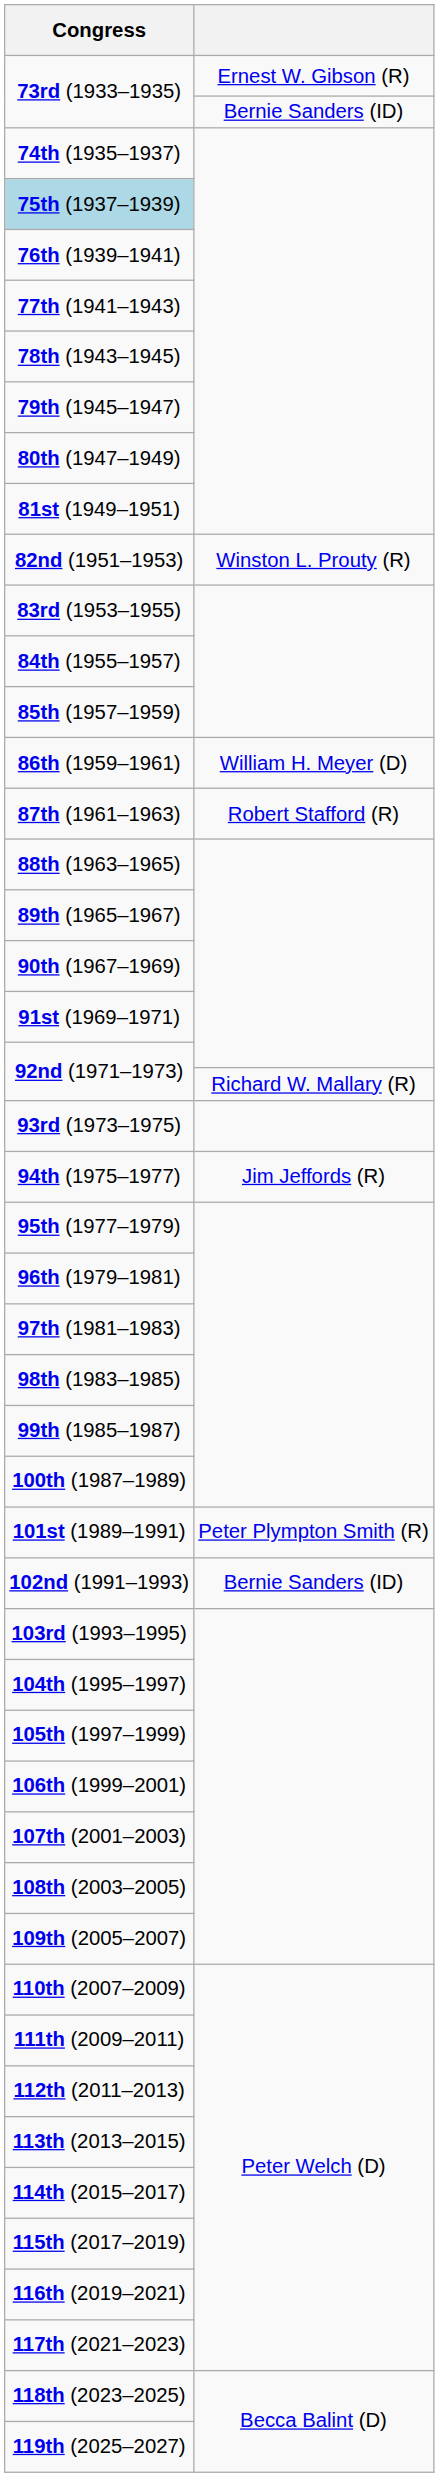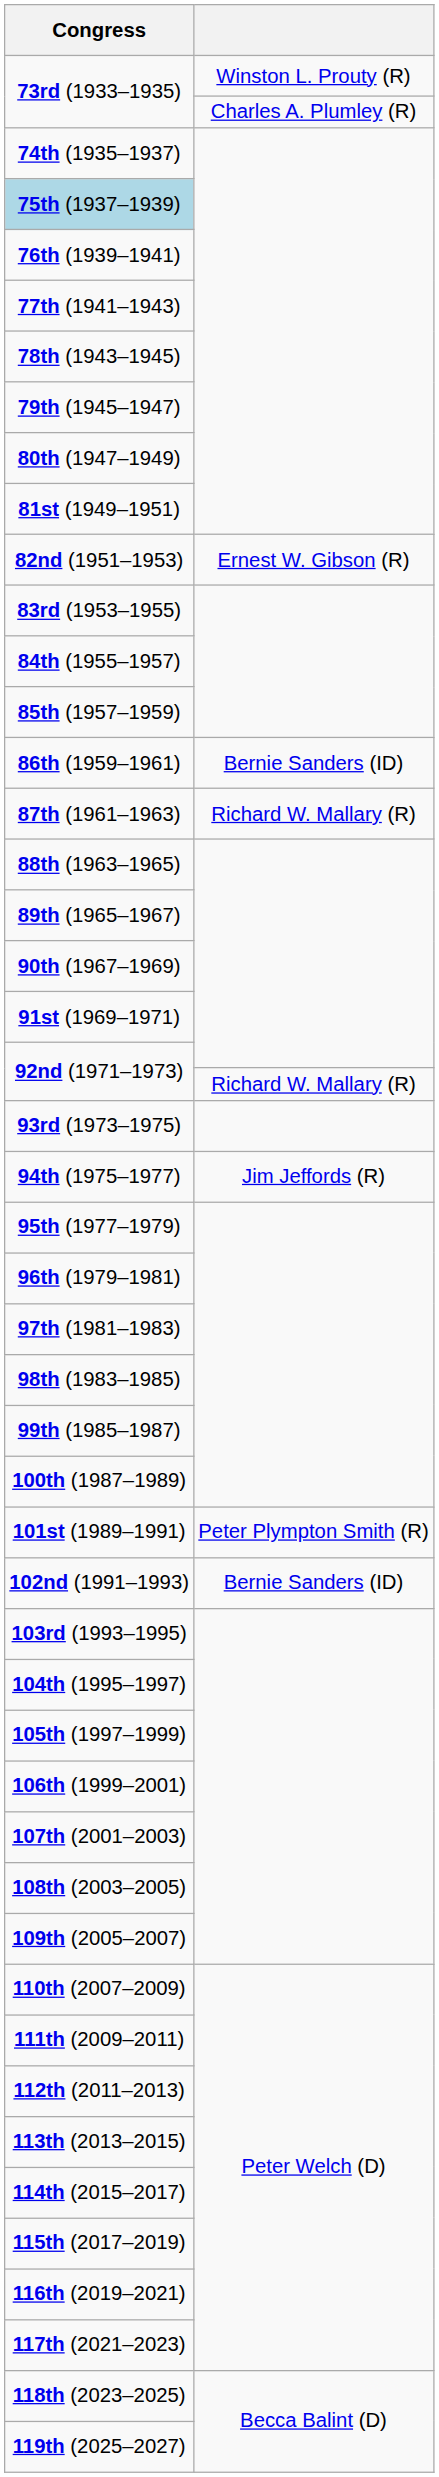 <table class="wikitable sticky-header" style="text-align:center">
 <tr style="height:2.5em">
 <th>Congress</th>
 <th></th>
 </tr>
 <tr style="height:2em">
 <td rowspan=2><strong><a href='#'>73rd</a></strong> (1933–1935)</td>
-<td><a href='#'>Ernest W. Gibson</a> (R)</td>
+<td><a href='#'>Winston L. Prouty</a> (R)</td>
 </tr>
 <tr style="height:1.25em">
-<td><a href='#'>Bernie Sanders</a> (ID)</td>
+<td><a href='#'>Charles A. Plumley</a> (R)</td>
 </tr>
 <tr style="height:2.5em">
 <td><strong><a href='#'>74th</a></strong> (1935–1937)</td>
 </tr>
 <tr style="height:2.5em">
 <td style="background: lightblue;"><strong><a href='#'>75th</a></strong> (1937–1939)</td>
 </tr>
 <tr style="height:2.5em">
 <td><strong><a href='#'>76th</a></strong> (1939–1941)</td>
 </tr>
 <tr style="height:2.5em">
 <td><strong><a href='#'>77th</a></strong> (1941–1943)</td>
 </tr>
 <tr style="height:2.5em">
 <td><strong><a href='#'>78th</a></strong> (1943–1945)</td>
 </tr>
 <tr style="height:2.5em">
 <td><strong><a href='#'>79th</a></strong> (1945–1947)</td>
 </tr>
 <tr style="height:2.5em">
 <td><strong><a href='#'>80th</a></strong> (1947–1949)</td>
 </tr>
 <tr style="height:2.5em">
 <td><strong><a href='#'>81st</a></strong> (1949–1951)</td>
 </tr>
 <tr style="height:2.5em">
 <td><strong><a href='#'>82nd</a></strong> (1951–1953)</td>
-<td><a href='#'>Winston L. Prouty</a> (R)</td>
+<td><a href='#'>Ernest W. Gibson</a> (R)</td>
 </tr>
 <tr style="height:2.5em">
 <td><strong><a href='#'>83rd</a></strong> (1953–1955)</td>
 </tr>
 <tr style="height:2.5em">
 <td><strong><a href='#'>84th</a></strong> (1955–1957)</td>
 </tr>
 <tr style="height:2.5em">
 <td><strong><a href='#'>85th</a></strong> (1957–1959)</td>
 </tr>
 <tr style="height:2.5em">
 <td><strong><a href='#'>86th</a></strong> (1959–1961)</td>
-<td><a href='#'>William H. Meyer</a> (D)</td>
+<td><a href='#'>Bernie Sanders</a> (ID)</td>
 </tr>
 <tr style="height:2.5em">
 <td><strong><a href='#'>87th</a></strong> (1961–1963)</td>
-<td><a href='#'>Robert Stafford</a> (R)</td>
+<td><a href='#'>Richard W. Mallary</a> (R)</td>
 </tr>
 <tr style="height:2.5em">
 <td><strong><a href='#'>88th</a></strong> (1963–1965)</td>
 </tr>
 <tr style="height:2.5em">
 <td><strong><a href='#'>89th</a></strong> (1965–1967)</td>
 </tr>
 <tr style="height:2.5em">
 <td><strong><a href='#'>90th</a></strong> (1967–1969)</td>
 </tr>
 <tr style="height:2.5em">
 <td><strong><a href='#'>91st</a></strong> (1969–1971)</td>
 </tr>
 <tr style="height:1.25em">
 <td rowspan=2><strong><a href='#'>92nd</a></strong> (1971–1973)</td>
 </tr>
 <tr style="height:1.25em">
 <td><a href='#'>Richard W. Mallary</a> (R)</td>
 </tr>
 <tr style="height:2.5em">
 <td><strong><a href='#'>93rd</a></strong> (1973–1975)</td>
 </tr>
 <tr style="height:2.5em">
 <td><strong><a href='#'>94th</a></strong> (1975–1977)</td>
 <td><a href='#'>Jim Jeffords</a> (R)</td>
 </tr>
 <tr style="height:2.5em">
 <td><strong><a href='#'>95th</a></strong> (1977–1979)</td>
 </tr>
 <tr style="height:2.5em">
 <td><strong><a href='#'>96th</a></strong> (1979–1981)</td>
 </tr>
 <tr style="height:2.5em">
 <td><strong><a href='#'>97th</a></strong> (1981–1983)</td>
 </tr>
 <tr style="height:2.5em">
 <td><strong><a href='#'>98th</a></strong> (1983–1985)</td>
 </tr>
 <tr style="height:2.5em">
 <td><strong><a href='#'>99th</a></strong> (1985–1987)</td>
 </tr>
 <tr style="height:2.5em">
 <td><strong><a href='#'>100th</a></strong> (1987–1989)</td>
 </tr>
 <tr style="height:2.5em">
 <td><strong><a href='#'>101st</a></strong> (1989–1991)</td>
 <td><a href='#'>Peter Plympton Smith</a> (R)</td>
 </tr>
 <tr style="height:2.5em">
 <td><strong><a href='#'>102nd</a></strong> (1991–1993)</td>
 <td><a href='#'>Bernie Sanders</a> (ID)</td>
 </tr>
 <tr style="height:2.5em">
 <td><strong><a href='#'>103rd</a></strong> (1993–1995)</td>
 </tr>
 <tr style="height:2.5em">
 <td><strong><a href='#'>104th</a></strong> (1995–1997)</td>
 </tr>
 <tr style="height:2.5em">
 <td><strong><a href='#'>105th</a></strong> (1997–1999)</td>
 </tr>
 <tr style="height:2.5em">
 <td><strong><a href='#'>106th</a></strong> (1999–2001)</td>
 </tr>
 <tr style="height:2.5em">
 <td><strong><a href='#'>107th</a></strong> (2001–2003)</td>
 </tr>
 <tr style="height:2.5em">
 <td><strong><a href='#'>108th</a></strong> (2003–2005)</td>
 </tr>
 <tr style="height:2.5em">
 <td><strong><a href='#'>109th</a></strong> (2005–2007)</td>
 </tr>
 <tr style="height:2.5em">
 <td><strong><a href='#'>110th</a></strong> (2007–2009)</td>
 <td rowspan=8 ><a href='#'>Peter Welch</a> (D)</td>
 </tr>
 <tr style="height:2.5em">
 <td><strong><a href='#'>111th</a></strong> (2009–2011)</td>
 </tr>
 <tr style="height:2.5em">
 <td><strong><a href='#'>112th</a></strong> (2011–2013)</td>
 </tr>
 <tr style="height:2.5em">
 <td><strong><a href='#'>113th</a></strong> (2013–2015)</td>
 </tr>
 <tr style="height:2.5em">
 <td><strong><a href='#'>114th</a></strong> (2015–2017)</td>
 </tr>
 <tr style="height:2.5em">
 <td><strong><a href='#'>115th</a></strong> (2017–2019)</td>
 </tr>
 <tr style="height:2.5em">
 <td><strong><a href='#'>116th</a></strong> (2019–2021)</td>
 </tr>
 <tr style="height:2.5em">
 <td><strong><a href='#'>117th</a></strong> (2021–2023)</td>
 </tr>
 <tr style="height:2.5em">
 <td><strong><a href='#'>118th</a></strong> (2023–2025)</td>
 <td rowspan=2 ><a href='#'>Becca Balint</a> (D)</td>
 </tr>
 <tr style="height:2.5em">
 <td><strong><a href='#'>119th</a></strong> (2025–2027)</td>
 </tr>
 </table>
